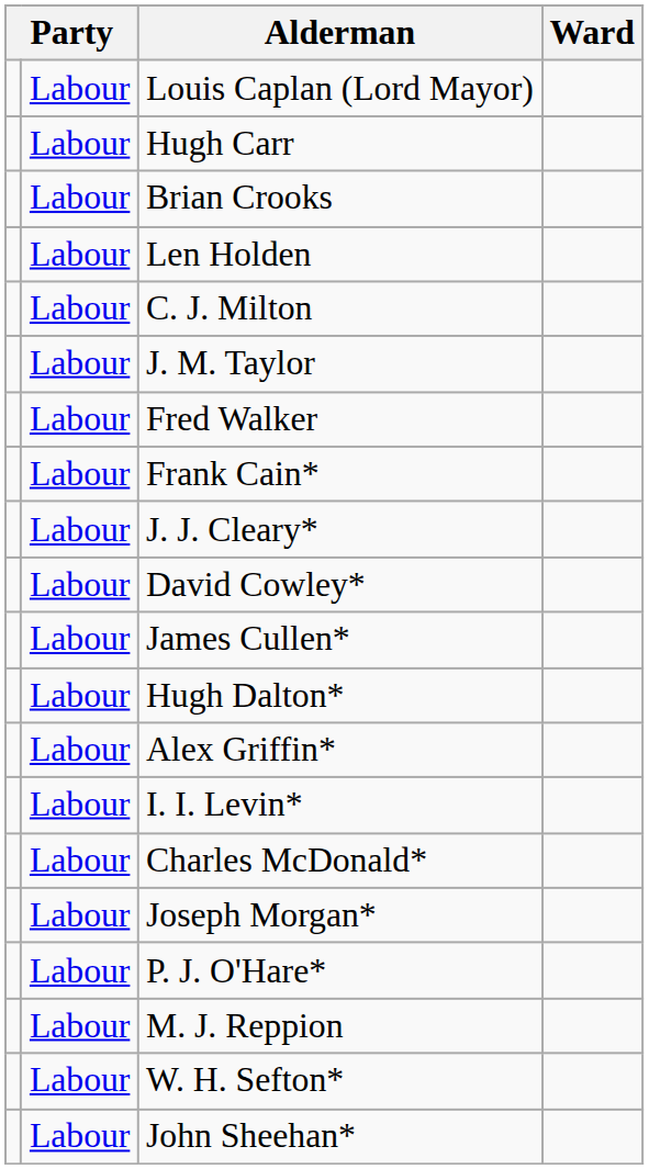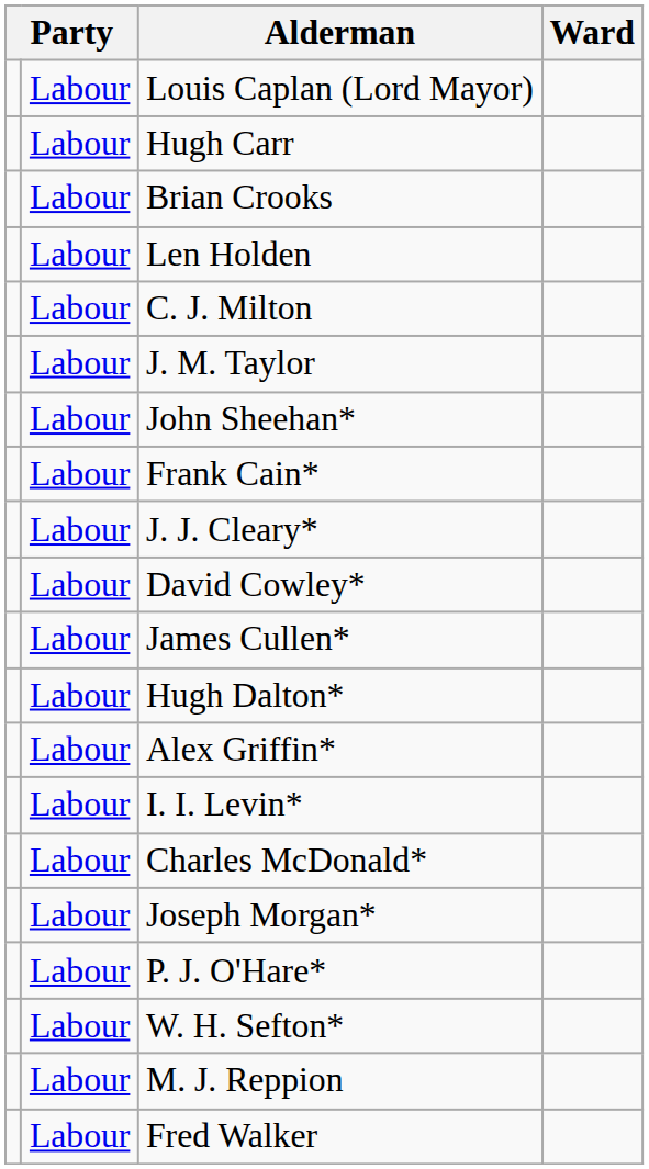 <table class="wikitable">
 <tr>
 <th colspan="2">Party</th>
 <th>Alderman</th>
 <th>Ward</th>
 </tr>
 <tr>
 <td style="background-color: "></td>
 <td><a href='#'>Labour</a></td>
 <td>Louis Caplan (Lord Mayor)</td>
 <td></td>
 </tr>
 <tr>
 <td style="background-color: "></td>
 <td><a href='#'>Labour</a></td>
 <td>Hugh Carr</td>
 <td></td>
 </tr>
 <tr>
 <td style="background-color: "></td>
 <td><a href='#'>Labour</a></td>
 <td>Brian Crooks</td>
 <td></td>
 </tr>
 <tr>
 <td style="background-color: "></td>
 <td><a href='#'>Labour</a></td>
 <td>Len Holden</td>
 <td></td>
 </tr>
 <tr>
 <td style="background-color: "></td>
 <td><a href='#'>Labour</a></td>
 <td>C. J. Milton</td>
 <td></td>
 </tr>
 <tr>
 <td style="background-color: "></td>
 <td><a href='#'>Labour</a></td>
 <td>J. M. Taylor</td>
 <td></td>
 </tr>
 <tr>
 <td style="background-color: "></td>
 <td><a href='#'>Labour</a></td>
-<td>Fred Walker</td>
+<td>John Sheehan*</td>
 <td></td>
 </tr>
 <tr>
 <td style="background-color: "></td>
 <td><a href='#'>Labour</a></td>
 <td>Frank Cain*</td>
 <td></td>
 </tr>
 <tr>
 <td style="background-color: "></td>
 <td><a href='#'>Labour</a></td>
 <td>J. J. Cleary*</td>
 <td></td>
 </tr>
 <tr>
 <td style="background-color: "></td>
 <td><a href='#'>Labour</a></td>
 <td>David Cowley*</td>
 <td></td>
 </tr>
 <tr>
 <td style="background-color: "></td>
 <td><a href='#'>Labour</a></td>
 <td>James Cullen*</td>
 <td></td>
 </tr>
 <tr>
 <td style="background-color: "></td>
 <td><a href='#'>Labour</a></td>
 <td>Hugh Dalton*</td>
 <td></td>
 </tr>
 <tr>
 <td style="background-color: "></td>
 <td><a href='#'>Labour</a></td>
 <td>Alex Griffin*</td>
 <td></td>
 </tr>
 <tr>
 <td style="background-color: "></td>
 <td><a href='#'>Labour</a></td>
 <td>I. I. Levin*</td>
 <td></td>
 </tr>
 <tr>
 <td style="background-color: "></td>
 <td><a href='#'>Labour</a></td>
 <td>Charles McDonald*</td>
 <td></td>
 </tr>
 <tr>
 <td style="background-color: "></td>
 <td><a href='#'>Labour</a></td>
 <td>Joseph Morgan*</td>
 <td></td>
 </tr>
 <tr>
 <td style="background-color: "></td>
 <td><a href='#'>Labour</a></td>
 <td>P. J. O'Hare*</td>
 <td></td>
 </tr>
 <tr>
 <td style="background-color: "></td>
 <td><a href='#'>Labour</a></td>
+<td>W. H. Sefton*</td>
+<td></td>
+</tr>
+<tr>
+<td style="background-color: "></td>
+<td><a href='#'>Labour</a></td>
 <td>M. J. Reppion</td>
 <td></td>
 </tr>
 <tr>
 <td style="background-color: "></td>
 <td><a href='#'>Labour</a></td>
-<td>W. H. Sefton*</td>
-<td></td>
-</tr>
-<tr>
-<td style="background-color: "></td>
-<td><a href='#'>Labour</a></td>
-<td>John Sheehan*</td>
+<td>Fred Walker</td>
 <td></td>
 </tr>
 </table>
